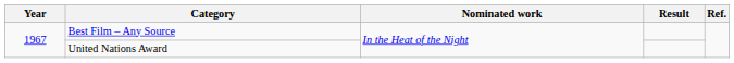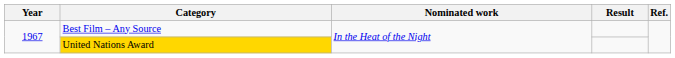 <table class=wikitable>
 <tr>
 <th scope="col" style="width:5em;">Year</th>
 <th scope="col" style="width:26em;">Category</th>
 <th scope="col" style="width:25em;">Nominated work</th>
 <th scope="col" style="width:5em;">Result</th>
 <th>Ref.</th>
 </tr>
 <tr>
 <td style="text-align:center;", rowspan="2"><a href='#'>1967</a></td>
 <td><a href='#'>Best Film – Any Source</a></td>
 <td rowspan="2"><em><a href='#'>In the Heat of the Night</a></em></td>
 <td></td>
 <td rowspan=2></td>
 </tr>
 <tr>
-<td>United Nations Award</td>
+<td style="background: gold;">United Nations Award</td>
 <td></td>
 </tr>
 </table>
